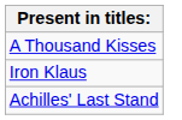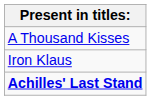 <table class="wikitable">
 <tr>
 <th>Present in titles:</th>
 </tr>
 <tr>
 <td><a href='#'>A Thousand Kisses</a></td>
 </tr>
 <tr>
 <td><a href='#'>Iron Klaus</a></td>
 </tr>
 <tr>
-<td><a href='#'>Achilles' Last Stand</a></td>
+<td><strong><a href='#'>Achilles' Last Stand</a></strong></td>
 </tr>
 </table>
